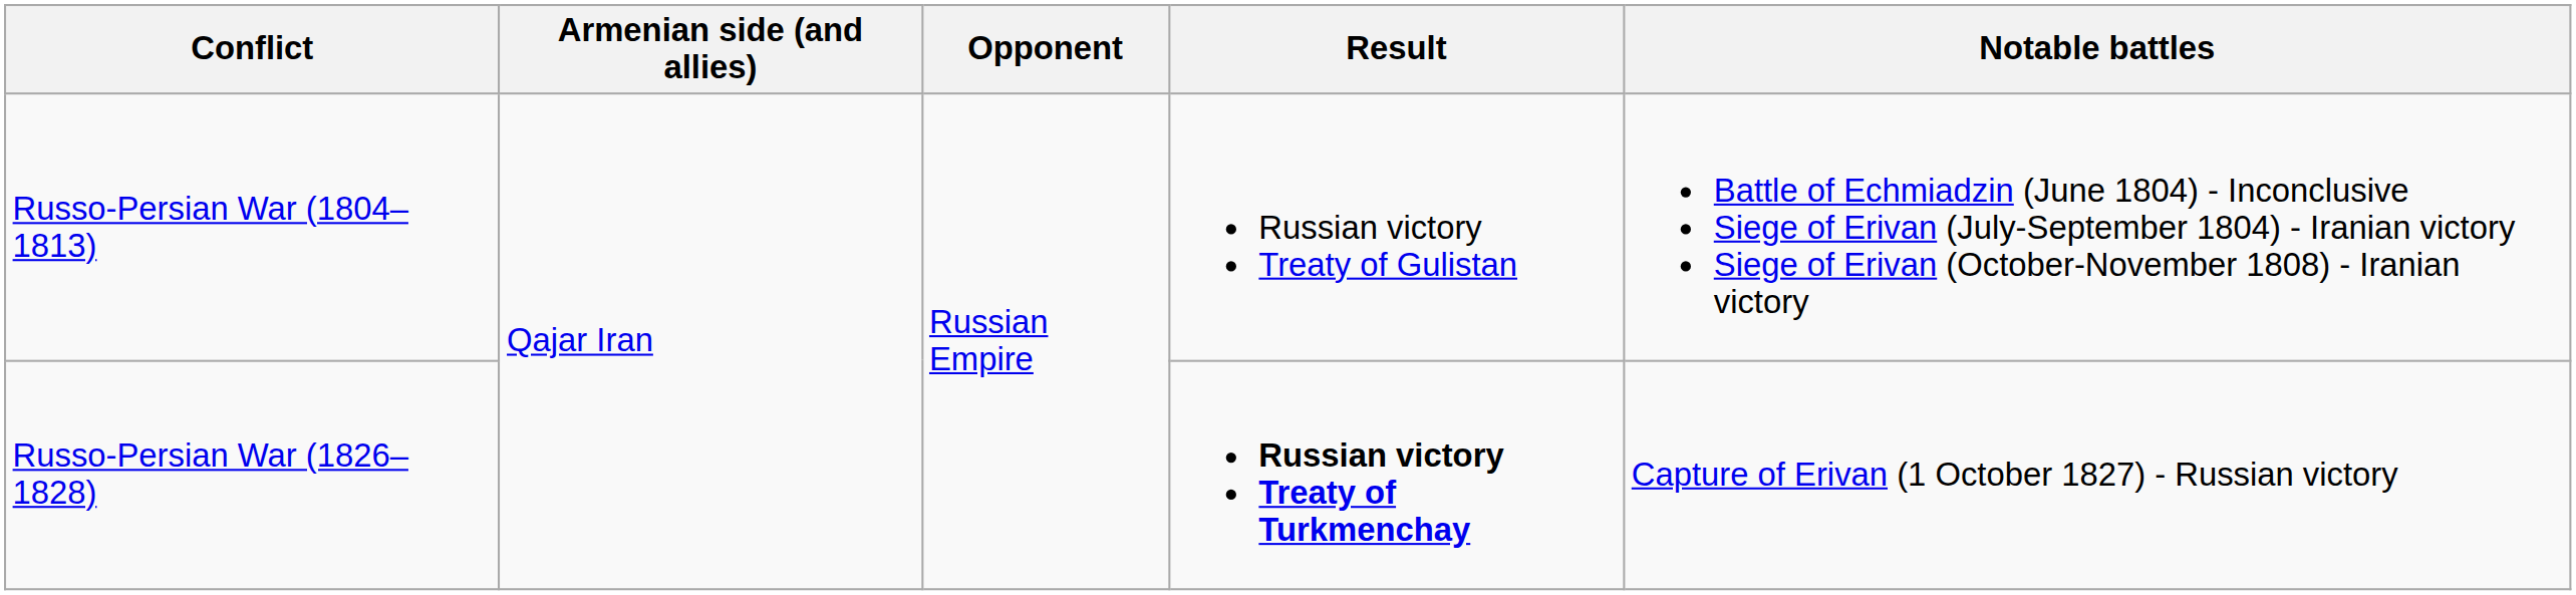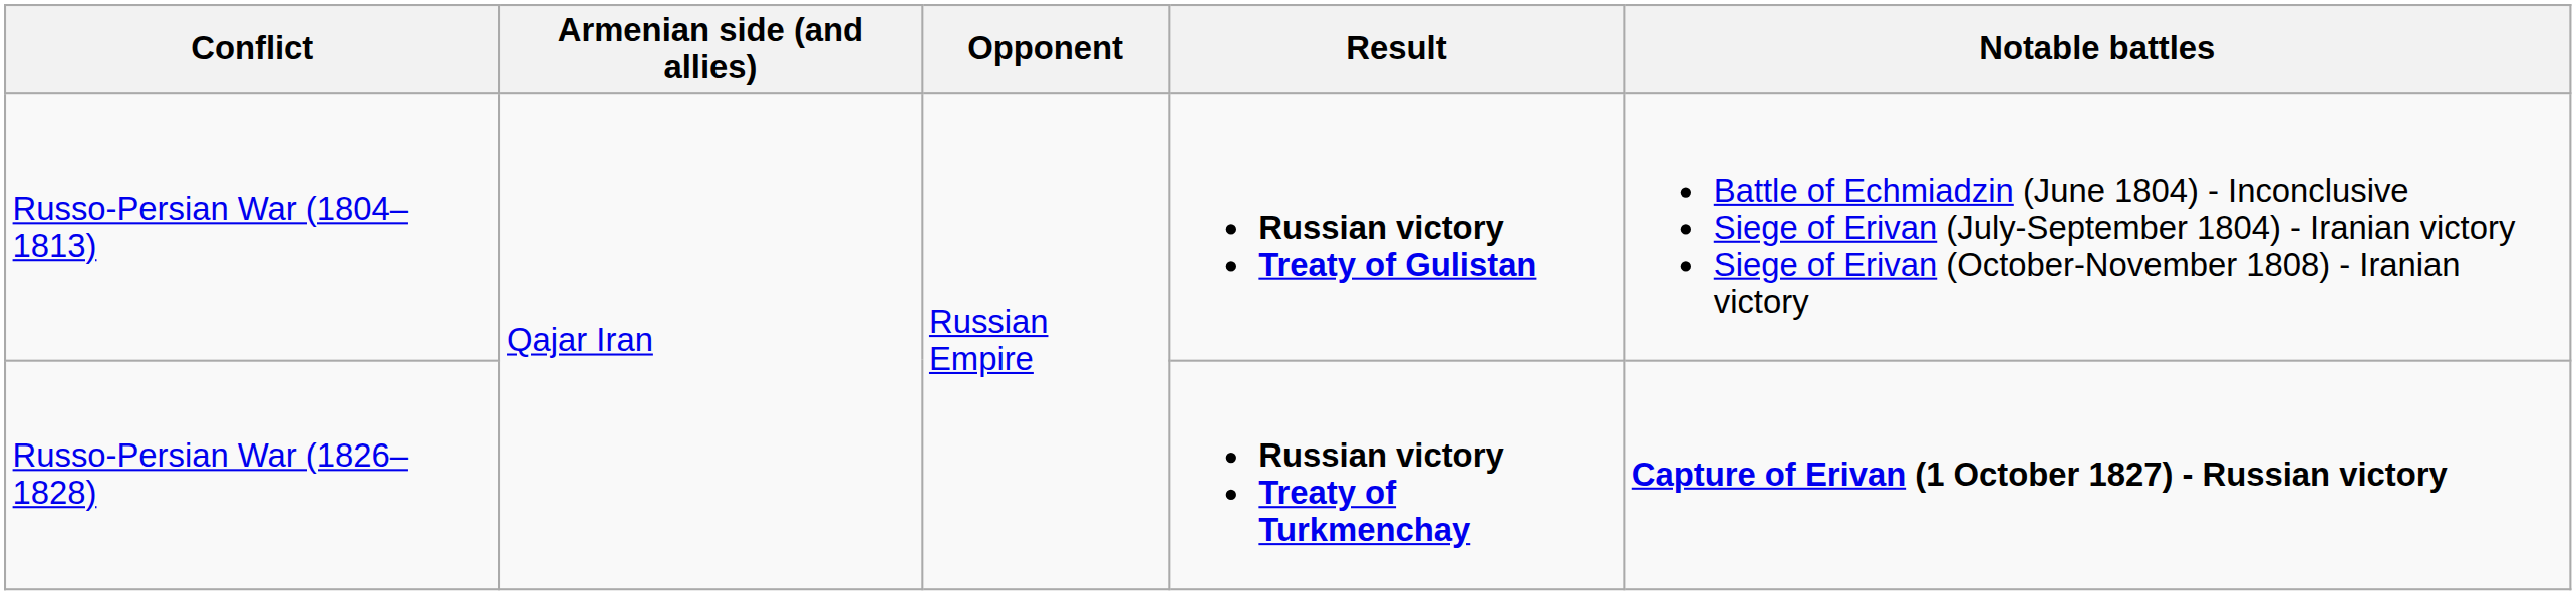 <table class="wikitable">
 <tr>
 <th>Conflict</th>
 <th>Armenian side (and allies)</th>
 <th>Opponent</th>
 <th>Result</th>
 <th>Notable battles</th>
 </tr>
 <tr>
 <td><a href='#'>Russo-Persian War (1804–1813)</a></td>
 <td rowspan="2"><a href='#'>Qajar Iran</a></td>
 <td rowspan="2"><a href='#'>Russian Empire</a></td>
-<td><br><ul><li>Russian victory</li><li><a href='#'>Treaty of Gulistan</a></li></ul></td>
+<td><strong><br><ul><li>Russian victory</li><li><a href='#'>Treaty of Gulistan</a></li></ul></strong></td>
 <td><br><ul><li><a href='#'>Battle of Echmiadzin</a> (June 1804) - Inconclusive</li><li><a href='#'>Siege of Erivan</a> (July-September 1804) - Iranian victory</li><li><a href='#'>Siege of Erivan</a> (October-November 1808) - Iranian victory</li></ul></td>
 </tr>
 <tr>
 <td><a href='#'>Russo-Persian War (1826–1828)</a></td>
 <td><strong><br><ul><li>Russian victory</li><li><a href='#'>Treaty of Turkmenchay</a></li></ul></strong></td>
-<td><a href='#'>Capture of Erivan</a> (1 October 1827)  - Russian victory</td>
+<td><strong><a href='#'>Capture of Erivan</a> (1 October 1827)  - Russian victory</strong></td>
 </tr>
 </table>
